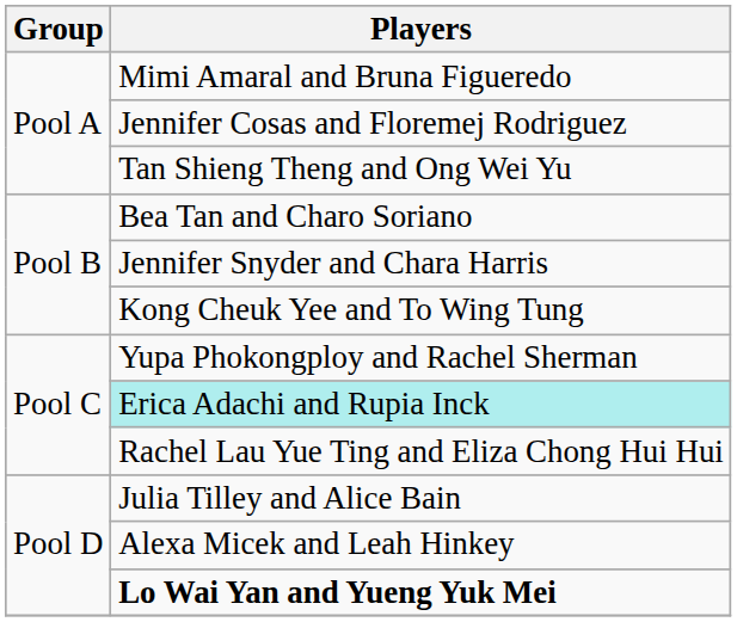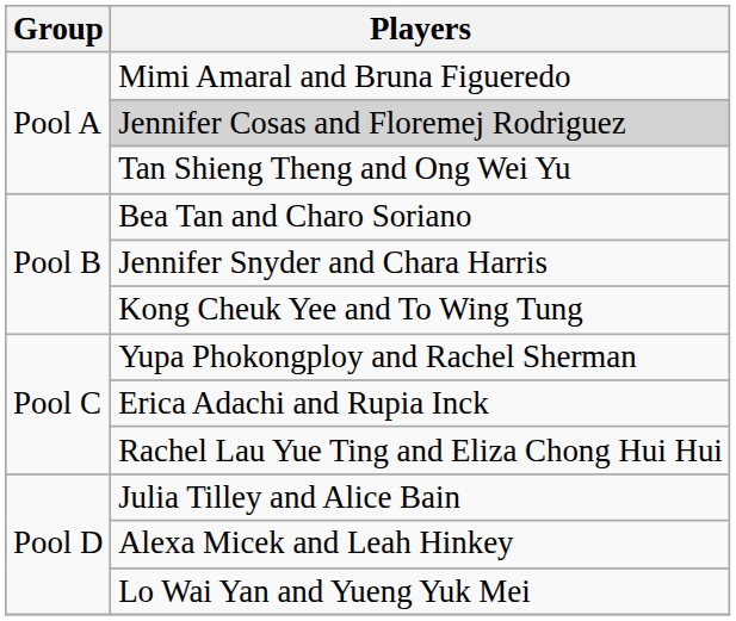 <table class="wikitable" style="text-align:left; line-height:16px; width:auto;">
 <tr>
 <th>Group</th>
 <th>Players</th>
 </tr>
 <tr>
 <td rowspan=3>Pool A</td>
 <td> Mimi Amaral and Bruna Figueredo</td>
 </tr>
 <tr>
-<td> Jennifer Cosas and Floremej Rodriguez</td>
+<td style="background: lightgrey;"> Jennifer Cosas and Floremej Rodriguez</td>
 </tr>
 <tr>
 <td> Tan Shieng Theng and Ong Wei Yu</td>
 </tr>
 <tr>
 <td rowspan=3>Pool B</td>
 <td> Bea Tan and Charo Soriano</td>
 </tr>
 <tr>
 <td> Jennifer Snyder and Chara Harris</td>
 </tr>
 <tr>
 <td> Kong Cheuk Yee and To Wing Tung</td>
 </tr>
 <tr>
 <td rowspan=3>Pool C</td>
 <td> Yupa Phokongploy and  Rachel Sherman</td>
 </tr>
 <tr>
-<td style="background: paleturquoise;"> Erica Adachi and Rupia Inck</td>
+<td> Erica Adachi and Rupia Inck</td>
 </tr>
 <tr>
 <td> Rachel Lau Yue Ting and Eliza Chong Hui Hui</td>
 </tr>
 <tr>
 <td rowspan=3>Pool D</td>
 <td> Julia Tilley and Alice Bain</td>
 </tr>
 <tr>
 <td> Alexa Micek and Leah Hinkey</td>
 </tr>
 <tr>
-<td><strong> Lo Wai Yan and Yueng Yuk Mei</strong></td>
+<td> Lo Wai Yan and Yueng Yuk Mei</td>
 </tr>
 <tr>
 </tr>
 </table>
